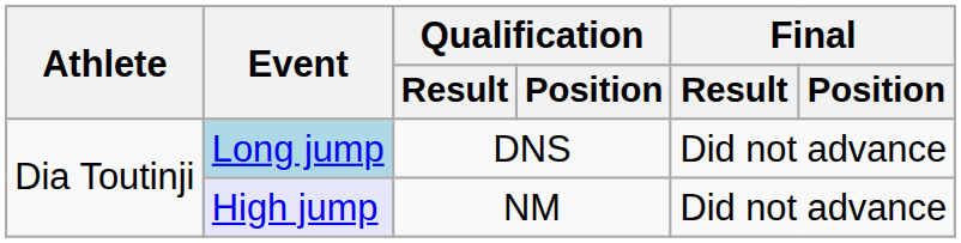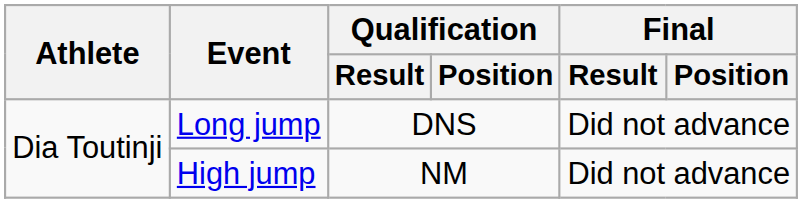 <table class=wikitable style="font-size:90%">
 <tr>
 <th rowspan="2">Athlete</th>
 <th rowspan="2">Event</th>
 <th colspan="2">Qualification</th>
 <th colspan="2">Final</th>
 </tr>
 <tr style="font-size:95%">
 <th>Result</th>
 <th>Position</th>
 <th>Result</th>
 <th>Position</th>
 </tr>
 <tr align=center>
 <td align=left rowspan=2>Dia Toutinji</td>
-<td align=left style="background: lightblue;"><a href='#'>Long jump</a></td>
+<td align=left><a href='#'>Long jump</a></td>
 <td colspan=2>DNS</td>
 <td colspan=2>Did not advance</td>
 </tr>
 <tr align=center>
-<td align=left style="background: lavender;"><a href='#'>High jump</a></td>
+<td align=left><a href='#'>High jump</a></td>
 <td colspan=2>NM</td>
 <td colspan=2>Did not advance</td>
 </tr>
 </table>
